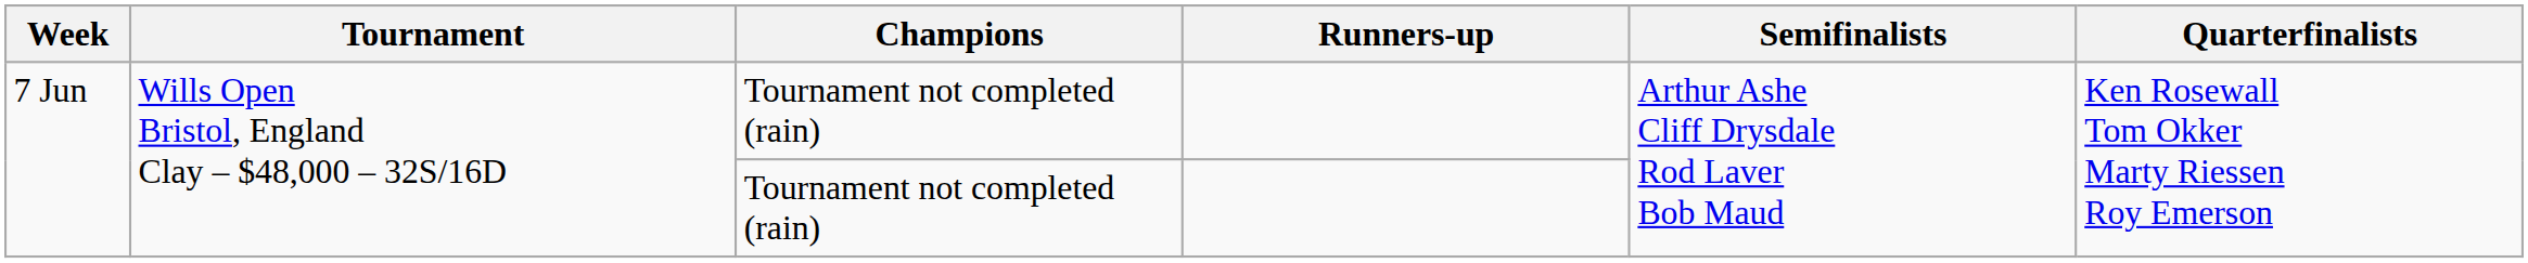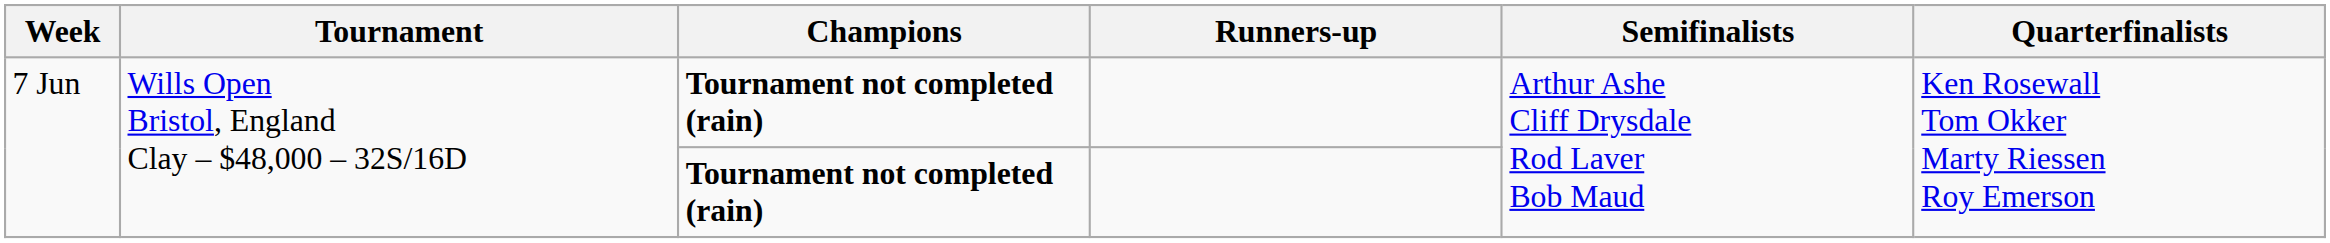 <table class=wikitable style=font-size:95%>
 <tr>
 <th style="width:48px;">Week</th>
 <th style="width:260px;">Tournament</th>
 <th style="width:190px;">Champions</th>
 <th style="width:190px;">Runners-up</th>
 <th style="width:190px;">Semifinalists</th>
 <th style="width:190px;">Quarterfinalists</th>
 </tr>
 <tr valign=top>
 <td rowspan=2>7 Jun</td>
 <td rowspan=2><a href='#'>Wills Open</a><br> <a href='#'>Bristol</a>, England <br>Clay – $48,000 – 32S/16D</td>
-<td>Tournament not completed (rain)</td>
+<td><strong>Tournament not completed (rain)</strong></td>
 <td></td>
 <td rowspan=2> <a href='#'>Arthur Ashe</a> <br>  <a href='#'>Cliff Drysdale</a> <br>  <a href='#'>Rod Laver</a> <br>  <a href='#'>Bob Maud</a></td>
 <td rowspan=2> <a href='#'>Ken Rosewall</a> <br>  <a href='#'>Tom Okker</a> <br>  <a href='#'>Marty Riessen</a> <br>  <a href='#'>Roy Emerson</a></td>
 </tr>
 <tr valign=top>
-<td>Tournament not completed (rain)</td>
+<td><strong>Tournament not completed (rain)</strong></td>
 <td></td>
 </tr>
 </table>
